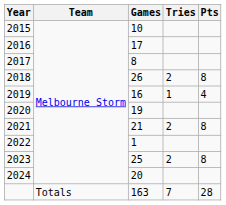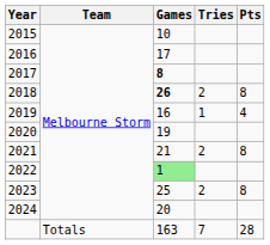 <table class="wikitable">
 <tr>
 <th>Year</th>
 <th>Team</th>
 <th>Games</th>
 <th>Tries</th>
 <th>Pts</th>
 </tr>
 <tr>
 <td>2015</td>
 <td rowspan="10"> <a href='#'>Melbourne Storm</a></td>
 <td>10</td>
 <td></td>
 <td></td>
 </tr>
 <tr>
 <td>2016</td>
 <td>17</td>
 <td></td>
 <td></td>
 </tr>
 <tr>
 <td>2017</td>
-<td>8</td>
+<td><strong>8</strong></td>
 <td></td>
 <td></td>
 </tr>
 <tr>
 <td>2018</td>
-<td>26</td>
+<td><strong>26</strong></td>
 <td>2</td>
 <td>8</td>
 </tr>
 <tr>
 <td>2019</td>
 <td>16</td>
 <td>1</td>
 <td>4</td>
 </tr>
 <tr>
 <td>2020</td>
 <td>19</td>
 <td></td>
 <td></td>
 </tr>
 <tr>
 <td>2021</td>
 <td>21</td>
 <td>2</td>
 <td>8</td>
 </tr>
 <tr>
 <td>2022</td>
-<td>1</td>
+<td style="background: lightgreen;">1</td>
 <td></td>
 <td></td>
 </tr>
 <tr>
 <td>2023</td>
 <td>25</td>
 <td>2</td>
 <td>8</td>
 </tr>
 <tr>
 <td>2024</td>
 <td>20</td>
 <td></td>
 <td></td>
 </tr>
 <tr>
 <td></td>
 <td>Totals</td>
 <td>163</td>
 <td>7</td>
 <td>28</td>
 </tr>
 </table>
